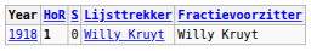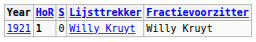 <table class="wikitable sortable">
 <tr>
 <th>Year</th>
 <th><a href='#'>HoR</a></th>
 <th><a href='#'>S</a></th>
 <th><a href='#'>Lijsttrekker</a></th>
 <th><a href='#'>Fractievoorzitter</a></th>
 </tr>
 <tr>
-<td><a href='#'>1918</a></td>
+<td><a href='#'>1921</a></td>
 <td><strong>1</strong></td>
 <td>0</td>
 <td><a href='#'>Willy Kruyt</a></td>
 <td>Willy Kruyt</td>
 </tr>
 </table>
